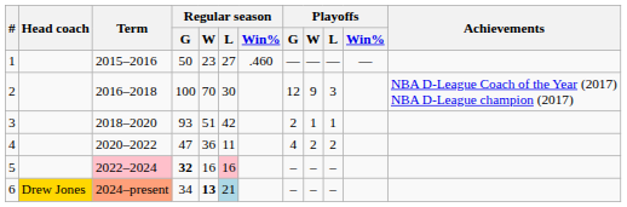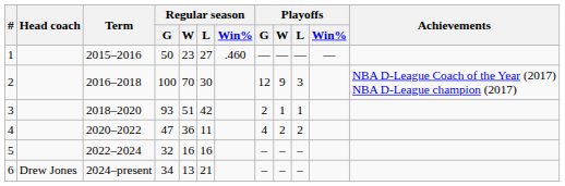 <table class="wikitable sortable" style="font-size:95%; text-align:center">
 <tr>
 <th scope="col" rowspan="2">#</th>
 <th scope="col" rowspan="2">Head coach</th>
 <th scope="col" rowspan="2">Term</th>
 <th scope="col" colspan="4">Regular season</th>
 <th scope="col" colspan="4">Playoffs</th>
 <th scope="col" rowspan="2">Achievements</th>
 </tr>
 <tr>
 <th>G</th>
 <th>W</th>
 <th>L</th>
 <th><a href='#'>Win%</a></th>
 <th>G</th>
 <th>W</th>
 <th>L</th>
 <th><a href='#'>Win%</a></th>
 </tr>
 <tr>
 <td align=left>1</td>
 <td align=left></td>
 <td align=left>2015–2016</td>
 <td>50</td>
 <td>23</td>
 <td>27</td>
 <td>.460</td>
 <td>—</td>
 <td>—</td>
 <td>—</td>
 <td>—</td>
 <td align=left></td>
 </tr>
 <tr>
 <td align=left>2</td>
 <td align=left></td>
 <td align=left>2016–2018</td>
 <td>100</td>
 <td>70</td>
 <td>30</td>
 <td></td>
 <td>12</td>
 <td>9</td>
 <td>3</td>
 <td></td>
 <td align=left><a href='#'>NBA D-League Coach of the Year</a> (2017)<br><a href='#'>NBA D-League champion</a> (2017)</td>
 </tr>
 <tr>
 <td align=left>3</td>
 <td align=left></td>
 <td align=left>2018–2020</td>
 <td>93</td>
 <td>51</td>
 <td>42</td>
 <td></td>
 <td>2</td>
 <td>1</td>
 <td>1</td>
 <td></td>
 <td align=left></td>
 </tr>
 <tr>
 <td align=left>4</td>
 <td align=left></td>
 <td align=left>2020–2022</td>
 <td>47</td>
 <td>36</td>
 <td>11</td>
 <td></td>
 <td>4</td>
 <td>2</td>
 <td>2</td>
 <td></td>
 <td align=left></td>
 </tr>
 <tr>
 <td align=left>5</td>
 <td align=left></td>
-<td align=left style="background: pink;">2022–2024</td>
-<td><strong>32</strong></td>
+<td align=left>2022–2024</td>
+<td>32</td>
 <td>16</td>
-<td style="background: pink;">16</td>
+<td>16</td>
 <td></td>
 <td>–</td>
 <td>–</td>
 <td>–</td>
 <td></td>
 <td align=left></td>
 </tr>
 <tr>
 <td align=left>6</td>
-<td align=left style="background: gold;">Drew Jones</td>
-<td align=left style="background: lightsalmon;">2024–present</td>
+<td align=left>Drew Jones</td>
+<td align=left>2024–present</td>
 <td>34</td>
-<td><strong>13</strong></td>
-<td style="background: lightblue;">21</td>
+<td>13</td>
+<td>21</td>
 <td></td>
 <td>–</td>
 <td>–</td>
 <td>–</td>
 <td></td>
 <td align=left></td>
 </tr>
 </table>
